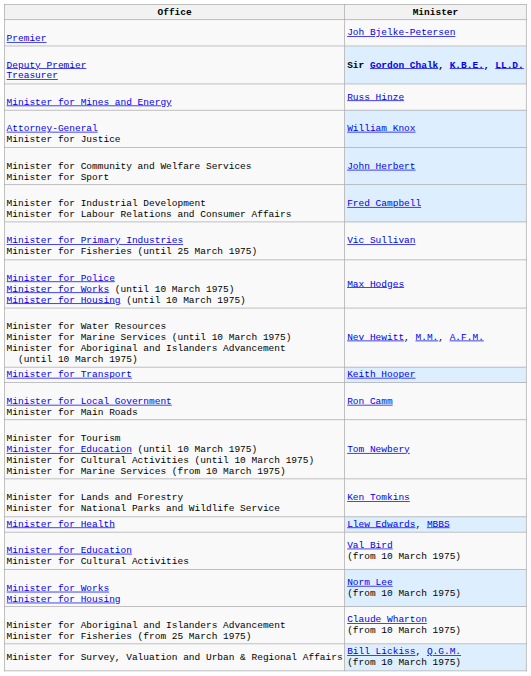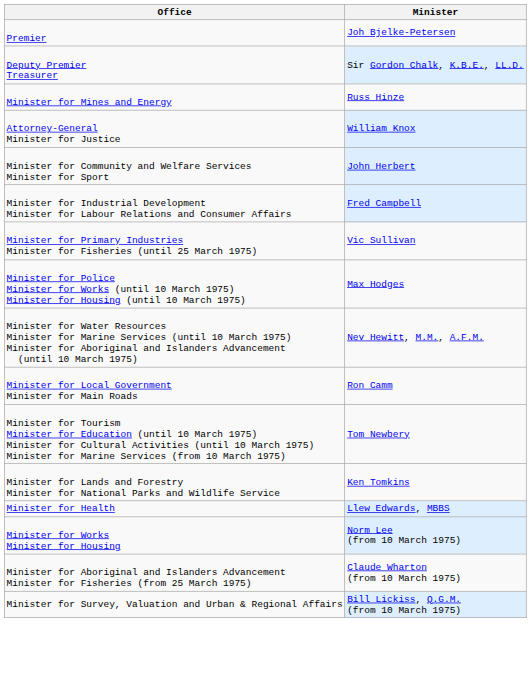 <table class="wikitable">
 <tr>
 <th>Office</th>
 <th>Minister</th>
 </tr>
 <tr>
 <td><br><a href='#'>Premier</a></td>
 <td><a href='#'>Joh Bjelke-Petersen</a></td>
 </tr>
 <tr>
 <td><br><a href='#'>Deputy Premier</a><br> <a href='#'>Treasurer</a></td>
-<td style="background:#DDEEFF"><strong>Sir <a href='#'>Gordon Chalk</a>, <a href='#'>K.B.E.</a>, <a href='#'>LL.D.</a></strong></td>
+<td style="background:#DDEEFF">Sir <a href='#'>Gordon Chalk</a>, <a href='#'>K.B.E.</a>, <a href='#'>LL.D.</a></td>
 </tr>
 <tr>
 <td><br><a href='#'>Minister for Mines and Energy</a><br></td>
 <td><a href='#'>Russ Hinze</a></td>
 </tr>
 <tr>
 <td><br><a href='#'>Attorney-General</a><br> Minister for Justice</td>
 <td style="background:#DDEEFF"><a href='#'>William Knox</a></td>
 </tr>
 <tr>
 <td><br>Minister for Community and Welfare Services<br> Minister for Sport</td>
 <td style="background:#DDEEFF"><a href='#'>John Herbert</a></td>
 </tr>
 <tr>
 <td><br>Minister for Industrial Development<br> Minister for Labour Relations and Consumer Affairs</td>
 <td style="background:#DDEEFF"><a href='#'>Fred Campbell</a></td>
 </tr>
 <tr>
 <td><br><a href='#'>Minister for Primary Industries</a><br> Minister for Fisheries (until 25 March 1975)</td>
 <td><a href='#'>Vic Sullivan</a></td>
 </tr>
 <tr>
 <td><br><a href='#'>Minister for Police</a><br> <a href='#'>Minister for Works</a> (until 10 March 1975)<br> <a href='#'>Minister for Housing</a> (until 10 March 1975)</td>
 <td><a href='#'>Max Hodges</a></td>
 </tr>
 <tr>
 <td><br>Minister for Water Resources<br> Minister for Marine Services (until 10 March 1975)<br> Minister for Aboriginal and Islanders Advancement<br>  (until 10 March 1975)</td>
 <td><a href='#'>Nev Hewitt</a>, <a href='#'>M.M.</a>, <a href='#'>A.F.M.</a></td>
 </tr>
 <tr>
-<td><a href='#'>Minister for Transport</a></td>
-<td style="background:#DDEEFF"><a href='#'>Keith Hooper</a></td>
-</tr>
-<tr>
 <td><br><a href='#'>Minister for Local Government</a><br> Minister for Main Roads</td>
 <td><a href='#'>Ron Camm</a></td>
 </tr>
 <tr>
 <td><br>Minister for Tourism<br> <a href='#'>Minister for Education</a> (until 10 March 1975)<br> Minister for Cultural Activities (until 10 March 1975)<br> Minister for Marine Services (from 10 March 1975)</td>
 <td><a href='#'>Tom Newbery</a></td>
 </tr>
 <tr>
 <td><br>Minister for Lands and Forestry<br> Minister for National Parks and Wildlife Service</td>
 <td><a href='#'>Ken Tomkins</a></td>
 </tr>
 <tr>
 <td><a href='#'>Minister for Health</a></td>
 <td style="background:#DDEEFF"><a href='#'>Llew Edwards</a>, <a href='#'>MBBS</a></td>
 </tr>
 <tr>
-<td><br><a href='#'>Minister for Education</a><br> Minister for Cultural Activities<br></td>
-<td><a href='#'>Val Bird</a><br>(from 10 March 1975)</td>
-</tr>
-<tr>
 <td><br><a href='#'>Minister for Works</a><br> <a href='#'>Minister for Housing</a></td>
 <td style="background:#DDEEFF"><a href='#'>Norm Lee</a><br>(from 10 March 1975)</td>
 </tr>
 <tr>
 <td><br>Minister for Aboriginal and Islanders Advancement<br> Minister for Fisheries (from 25 March 1975)</td>
 <td><a href='#'>Claude Wharton</a><br>(from 10 March 1975)</td>
 </tr>
 <tr>
 <td>Minister for Survey, Valuation and Urban & Regional Affairs</td>
 <td style="background:#DDEEFF"><a href='#'>Bill Lickiss</a>, <a href='#'>Q.G.M.</a><br>(from 10 March 1975)</td>
 </tr>
 </table>
